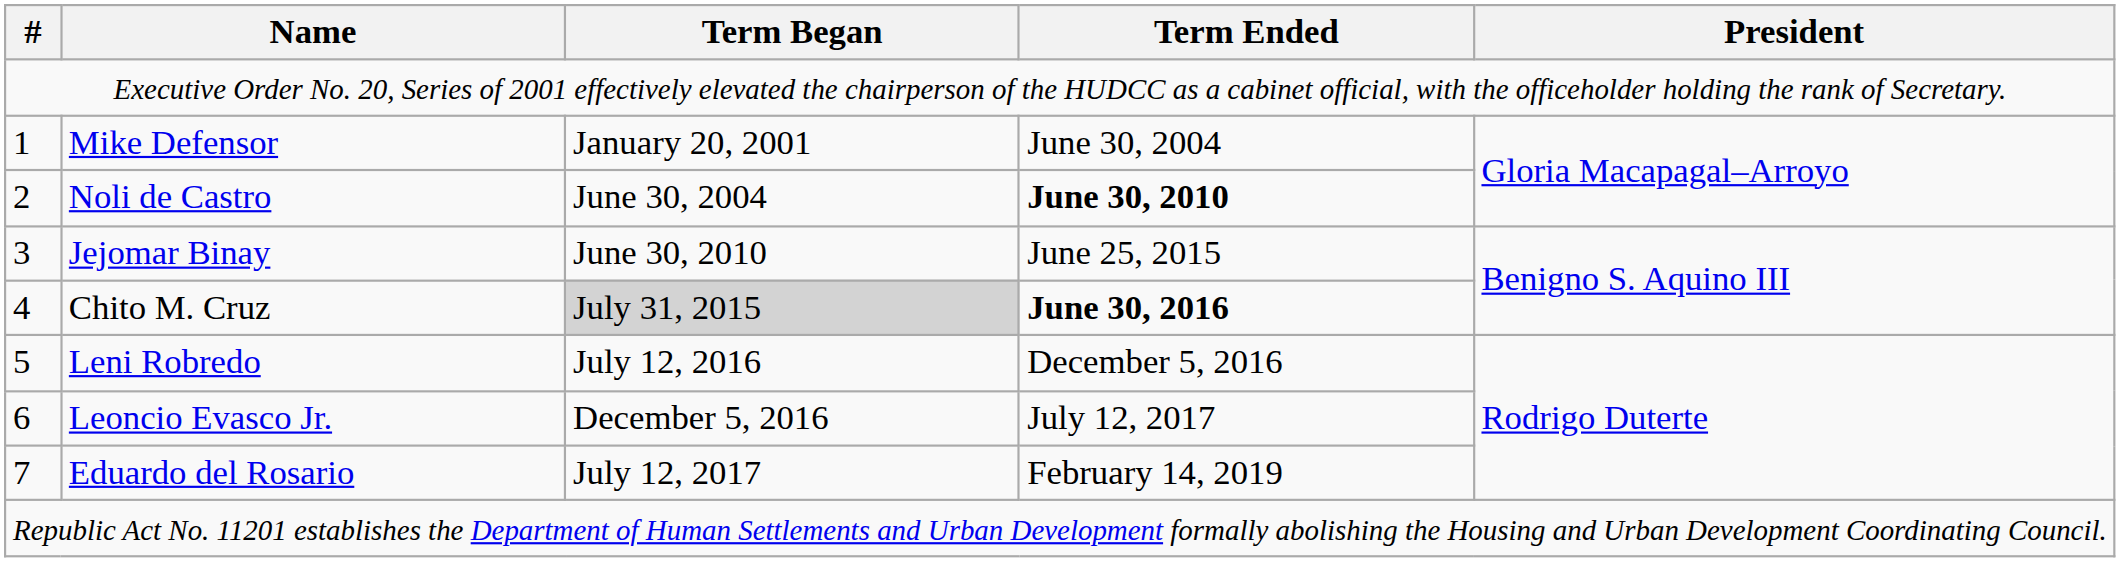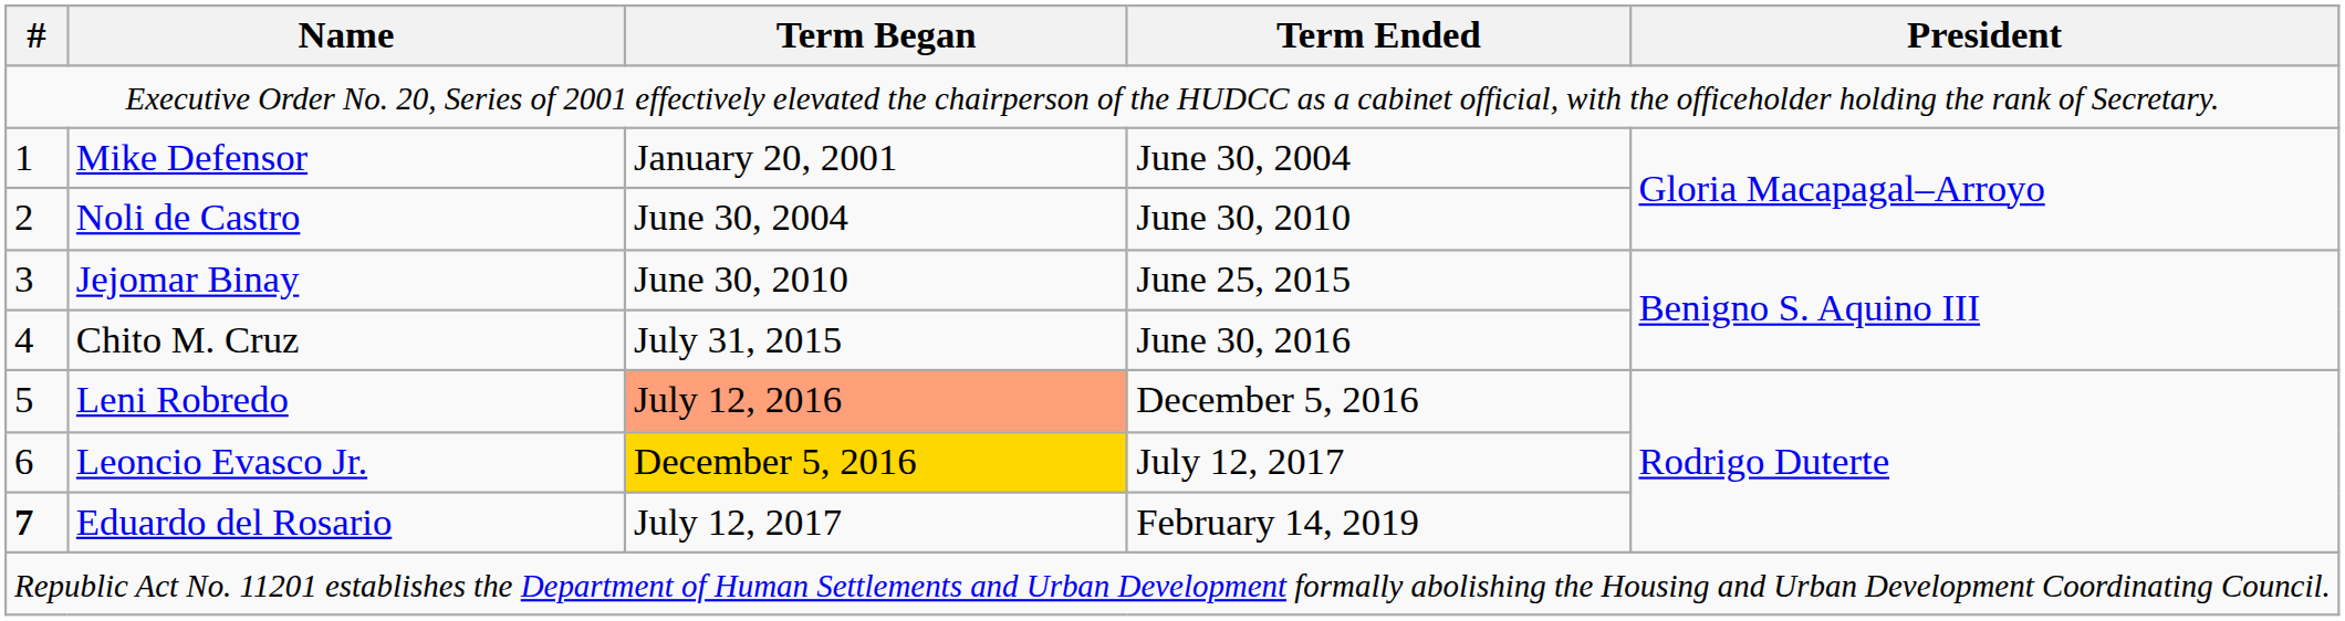 <table class=wikitable>
 <tr>
 <th>#</th>
 <th>Name</th>
 <th>Term Began</th>
 <th>Term Ended</th>
 <th>President</th>
 </tr>
 <tr>
 <td colspan=5 align=center><small><em>Executive Order No. 20, Series of 2001 effectively elevated the chairperson of the HUDCC as a cabinet official, with the officeholder holding the rank of Secretary.</em></small></td>
 </tr>
 <tr>
 <td>1</td>
 <td><a href='#'>Mike Defensor</a></td>
 <td>January 20, 2001</td>
 <td>June 30, 2004</td>
 <td rowspan=2><a href='#'>Gloria Macapagal–Arroyo</a></td>
 </tr>
 <tr>
 <td>2</td>
 <td><a href='#'>Noli de Castro</a></td>
 <td>June 30, 2004</td>
-<td><strong>June 30, 2010</strong></td>
+<td>June 30, 2010</td>
 </tr>
 <tr>
 <td>3</td>
 <td><a href='#'>Jejomar Binay</a></td>
 <td>June 30, 2010</td>
 <td>June 25, 2015</td>
 <td rowspan=2><a href='#'>Benigno S. Aquino III</a></td>
 </tr>
 <tr>
 <td>4</td>
 <td>Chito M. Cruz</td>
-<td style="background: lightgrey;">July 31, 2015</td>
-<td><strong>June 30, 2016</strong></td>
+<td>July 31, 2015</td>
+<td>June 30, 2016</td>
 </tr>
 <tr>
 <td>5</td>
 <td><a href='#'>Leni Robredo</a></td>
-<td>July 12, 2016</td>
+<td style="background: lightsalmon;">July 12, 2016</td>
 <td>December 5, 2016</td>
 <td rowspan=3><a href='#'>Rodrigo Duterte</a></td>
 </tr>
 <tr>
 <td>6</td>
 <td><a href='#'>Leoncio Evasco Jr.</a></td>
-<td>December 5, 2016</td>
+<td style="background: gold;">December 5, 2016</td>
 <td>July 12, 2017</td>
 </tr>
 <tr>
-<td>7</td>
+<td><strong>7</strong></td>
 <td><a href='#'>Eduardo del Rosario</a></td>
 <td>July 12, 2017</td>
 <td>February 14, 2019</td>
 </tr>
 <tr>
 <td colspan=5 align=center><small><em>Republic Act No. 11201 establishes the <a href='#'>Department of Human Settlements and Urban Development</a> formally abolishing the Housing and Urban Development Coordinating Council.</em></small></td>
 </tr>
 </table>
